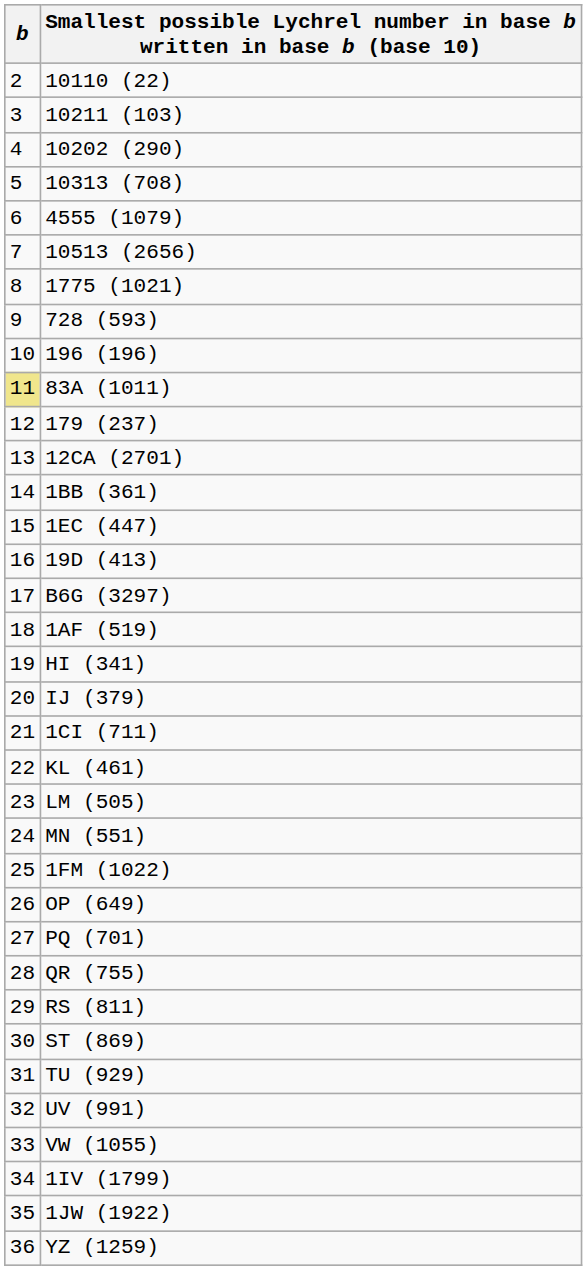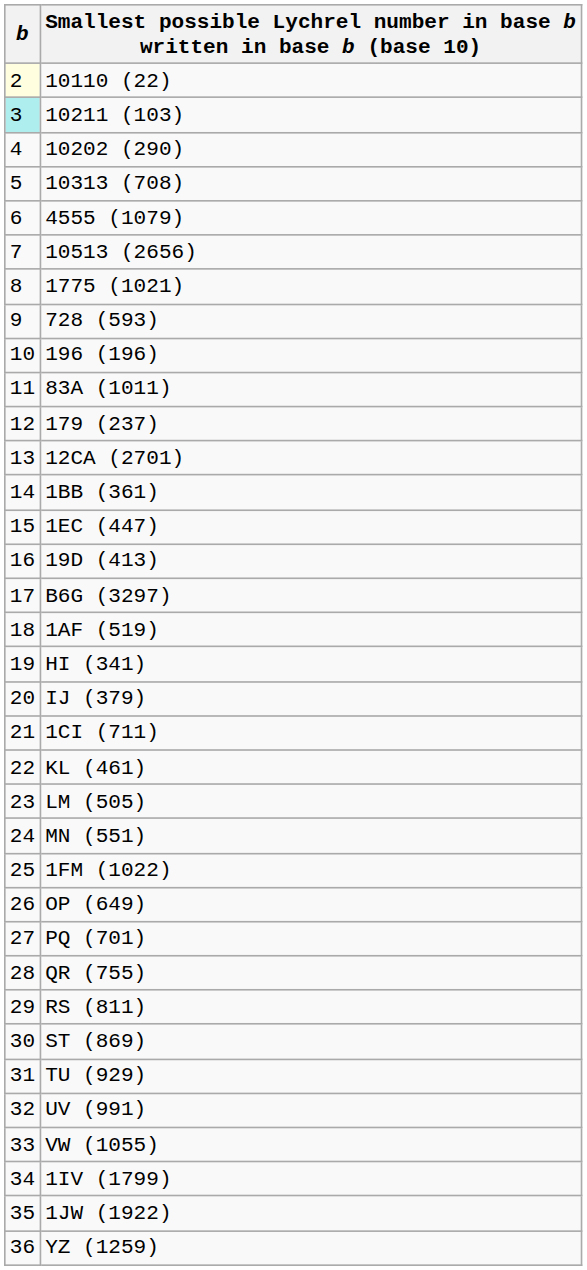 <table class="wikitable">
 <tr>
 <th><em>b</em></th>
 <th>Smallest possible Lychrel number in base <em>b</em><br>written in base <em>b</em> (base 10)</th>
 </tr>
 <tr>
-<td>2</td>
+<td style="background: lightyellow;">2</td>
 <td>10110 (22)</td>
 </tr>
 <tr>
-<td>3</td>
+<td style="background: paleturquoise;">3</td>
 <td>10211 (103)</td>
 </tr>
 <tr>
 <td>4</td>
 <td>10202 (290)</td>
 </tr>
 <tr>
 <td>5</td>
 <td>10313 (708)</td>
 </tr>
 <tr>
 <td>6</td>
 <td>4555 (1079)</td>
 </tr>
 <tr>
 <td>7</td>
 <td>10513 (2656)</td>
 </tr>
 <tr>
 <td>8</td>
 <td>1775 (1021)</td>
 </tr>
 <tr>
 <td>9</td>
 <td>728 (593)</td>
 </tr>
 <tr>
 <td>10</td>
 <td>196 (196)</td>
 </tr>
 <tr>
-<td style="background: khaki;">11</td>
+<td>11</td>
 <td>83A (1011)</td>
 </tr>
 <tr>
 <td>12</td>
 <td>179 (237)</td>
 </tr>
 <tr>
 <td>13</td>
 <td>12CA (2701)</td>
 </tr>
 <tr>
 <td>14</td>
 <td>1BB (361)</td>
 </tr>
 <tr>
 <td>15</td>
 <td>1EC (447)</td>
 </tr>
 <tr>
 <td>16</td>
 <td>19D (413)</td>
 </tr>
 <tr>
 <td>17</td>
 <td>B6G (3297)</td>
 </tr>
 <tr>
 <td>18</td>
 <td>1AF (519)</td>
 </tr>
 <tr>
 <td>19</td>
 <td>HI (341)</td>
 </tr>
 <tr>
 <td>20</td>
 <td>IJ (379)</td>
 </tr>
 <tr>
 <td>21</td>
 <td>1CI (711)</td>
 </tr>
 <tr>
 <td>22</td>
 <td>KL (461)</td>
 </tr>
 <tr>
 <td>23</td>
 <td>LM (505)</td>
 </tr>
 <tr>
 <td>24</td>
 <td>MN (551)</td>
 </tr>
 <tr>
 <td>25</td>
 <td>1FM (1022)</td>
 </tr>
 <tr>
 <td>26</td>
 <td>OP (649)</td>
 </tr>
 <tr>
 <td>27</td>
 <td>PQ (701)</td>
 </tr>
 <tr>
 <td>28</td>
 <td>QR (755)</td>
 </tr>
 <tr>
 <td>29</td>
 <td>RS (811)</td>
 </tr>
 <tr>
 <td>30</td>
 <td>ST (869)</td>
 </tr>
 <tr>
 <td>31</td>
 <td>TU (929)</td>
 </tr>
 <tr>
 <td>32</td>
 <td>UV (991)</td>
 </tr>
 <tr>
 <td>33</td>
 <td>VW (1055)</td>
 </tr>
 <tr>
 <td>34</td>
 <td>1IV (1799)</td>
 </tr>
 <tr>
 <td>35</td>
 <td>1JW (1922)</td>
 </tr>
 <tr>
 <td>36</td>
 <td>YZ (1259)</td>
 </tr>
 </table>
